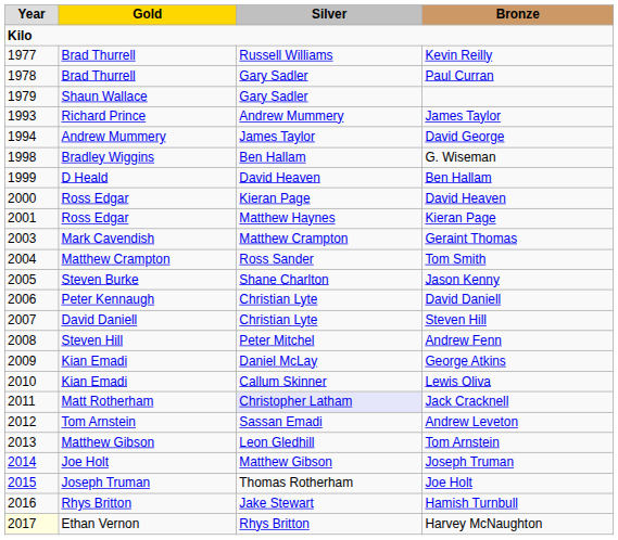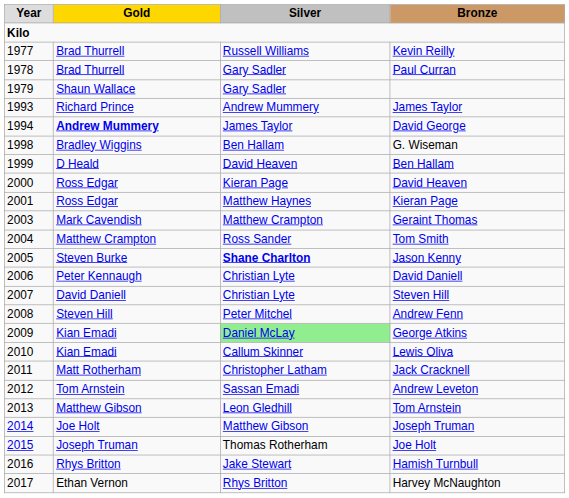 <table class="wikitable" style="width: 60%; text-align:left;">
 <tr style="text-align:center; font-weight:bold;">
 <td style="background:#ddd; ">Year</td>
 <td style="background:gold; ">Gold</td>
 <td style="background:silver; ">Silver</td>
 <td style="background:#c96; ">Bronze</td>
 </tr>
 <tr>
 <td colspan=4><strong>Kilo</strong></td>
 </tr>
 <tr>
 <td>1977</td>
 <td><a href='#'>Brad Thurrell</a></td>
 <td><a href='#'>Russell Williams</a></td>
 <td><a href='#'>Kevin Reilly</a></td>
 </tr>
 <tr>
 <td>1978</td>
 <td><a href='#'>Brad Thurrell</a></td>
 <td><a href='#'>Gary Sadler</a></td>
 <td><a href='#'>Paul Curran</a></td>
 </tr>
 <tr>
 <td>1979</td>
 <td><a href='#'>Shaun Wallace</a></td>
 <td><a href='#'>Gary Sadler</a></td>
 </tr>
 <tr>
 <td>1993</td>
 <td><a href='#'>Richard Prince</a></td>
 <td><a href='#'>Andrew Mummery</a></td>
 <td><a href='#'>James Taylor</a></td>
 </tr>
 <tr>
 <td>1994</td>
-<td><a href='#'>Andrew Mummery</a></td>
+<td><strong><a href='#'>Andrew Mummery</a></strong></td>
 <td><a href='#'>James Taylor</a></td>
 <td><a href='#'>David George</a></td>
 </tr>
 <tr>
 <td>1998</td>
 <td><a href='#'>Bradley Wiggins</a></td>
 <td><a href='#'>Ben Hallam</a></td>
 <td>G. Wiseman</td>
 </tr>
 <tr>
 <td>1999</td>
 <td><a href='#'>D Heald</a></td>
 <td><a href='#'>David Heaven</a></td>
 <td><a href='#'>Ben Hallam</a></td>
 </tr>
 <tr>
 <td>2000</td>
 <td><a href='#'>Ross Edgar</a></td>
 <td><a href='#'>Kieran Page</a></td>
 <td><a href='#'>David Heaven</a></td>
 </tr>
 <tr>
 <td>2001</td>
 <td><a href='#'>Ross Edgar</a></td>
 <td><a href='#'>Matthew Haynes</a></td>
 <td><a href='#'>Kieran Page</a></td>
 </tr>
 <tr>
 <td>2003</td>
 <td><a href='#'>Mark Cavendish</a></td>
 <td><a href='#'>Matthew Crampton</a></td>
 <td><a href='#'>Geraint Thomas</a></td>
 </tr>
 <tr>
 <td>2004</td>
 <td><a href='#'>Matthew Crampton</a></td>
 <td><a href='#'>Ross Sander</a></td>
 <td><a href='#'>Tom Smith</a></td>
 </tr>
 <tr>
 <td>2005</td>
 <td><a href='#'>Steven Burke</a></td>
-<td><a href='#'>Shane Charlton</a></td>
+<td><strong><a href='#'>Shane Charlton</a></strong></td>
 <td><a href='#'>Jason Kenny</a></td>
 </tr>
 <tr>
 <td>2006</td>
 <td><a href='#'>Peter Kennaugh</a></td>
 <td><a href='#'>Christian Lyte</a></td>
 <td><a href='#'>David Daniell</a></td>
 </tr>
 <tr>
 <td>2007</td>
 <td><a href='#'>David Daniell</a></td>
 <td><a href='#'>Christian Lyte</a></td>
 <td><a href='#'>Steven Hill</a></td>
 </tr>
 <tr>
 <td>2008</td>
 <td><a href='#'>Steven Hill</a></td>
 <td><a href='#'>Peter Mitchel</a></td>
 <td><a href='#'>Andrew Fenn</a></td>
 </tr>
 <tr>
 <td>2009</td>
 <td><a href='#'>Kian Emadi</a></td>
-<td><a href='#'>Daniel McLay</a></td>
+<td style="background: lightgreen;"><a href='#'>Daniel McLay</a></td>
 <td><a href='#'>George Atkins</a></td>
 </tr>
 <tr>
 <td>2010</td>
 <td><a href='#'>Kian Emadi</a></td>
 <td><a href='#'>Callum Skinner</a></td>
 <td><a href='#'>Lewis Oliva</a></td>
 </tr>
 <tr>
 <td>2011</td>
 <td><a href='#'>Matt Rotherham</a></td>
-<td style="background: lavender;"><a href='#'>Christopher Latham</a></td>
+<td><a href='#'>Christopher Latham</a></td>
 <td><a href='#'>Jack Cracknell</a></td>
 </tr>
 <tr>
 <td>2012</td>
 <td><a href='#'>Tom Arnstein</a></td>
 <td><a href='#'>Sassan Emadi</a></td>
 <td><a href='#'>Andrew Leveton</a></td>
 </tr>
 <tr>
 <td>2013</td>
 <td><a href='#'>Matthew Gibson</a></td>
 <td><a href='#'>Leon Gledhill</a></td>
 <td><a href='#'>Tom Arnstein</a></td>
 </tr>
 <tr>
 <td><a href='#'>2014</a></td>
 <td><a href='#'>Joe Holt</a></td>
 <td><a href='#'>Matthew Gibson</a></td>
 <td><a href='#'>Joseph Truman</a></td>
 </tr>
 <tr>
 <td><a href='#'>2015</a></td>
 <td><a href='#'>Joseph Truman</a></td>
 <td>Thomas Rotherham</td>
 <td><a href='#'>Joe Holt</a></td>
 </tr>
 <tr>
 <td>2016</td>
 <td><a href='#'>Rhys Britton</a></td>
 <td><a href='#'>Jake Stewart</a></td>
 <td><a href='#'>Hamish Turnbull</a></td>
 </tr>
 <tr>
-<td style="background: lightyellow;">2017</td>
+<td>2017</td>
 <td>Ethan Vernon</td>
 <td><a href='#'>Rhys Britton</a></td>
 <td>Harvey McNaughton</td>
 </tr>
 </table>
